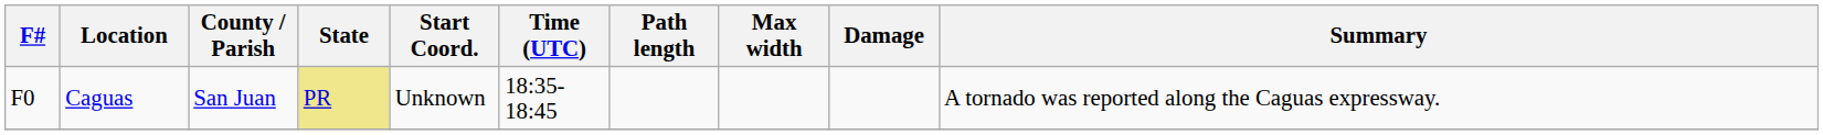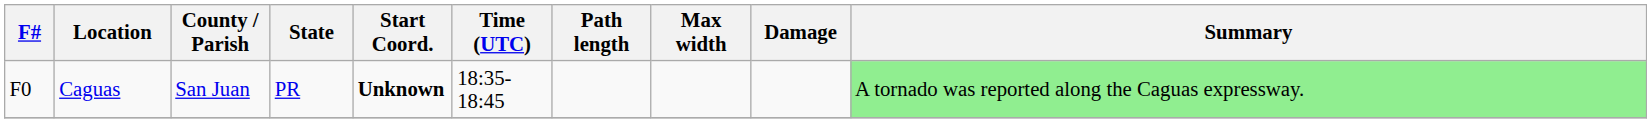 <table class="wikitable sortable" style="width:100%;">
 <tr>
 <th scope="col"  style="width:3%; text-align:center;"><a href='#'>F#</a></th>
 <th scope="col"  style="width:7%; text-align:center;" class="unsortable">Location</th>
 <th scope="col"  style="width:6%; text-align:center;" class="unsortable">County / Parish</th>
 <th scope="col"  style="width:5%; text-align:center;">State</th>
 <th scope="col"  style="width:6%; text-align:center;">Start Coord.</th>
 <th scope="col"  style="width:6%; text-align:center;">Time (<a href='#'>UTC</a>)</th>
 <th scope="col"  style="width:6%; text-align:center;">Path length</th>
 <th scope="col"  style="width:6%; text-align:center;">Max width</th>
 <th scope="col"  style="width:6%; text-align:center;">Damage</th>
 <th scope="col" class="unsortable" style="width:48%; text-align:center;">Summary</th>
 </tr>
 <tr>
 <td>F0</td>
 <td><a href='#'>Caguas</a></td>
 <td><a href='#'>San Juan</a></td>
-<td style="background: khaki;"><a href='#'>PR</a></td>
-<td>Unknown</td>
+<td><a href='#'>PR</a></td>
+<td><strong>Unknown</strong></td>
 <td>18:35-18:45</td>
 <td></td>
 <td></td>
 <td></td>
-<td>A tornado was reported along the Caguas expressway.</td>
+<td style="background: lightgreen;">A tornado was reported along the Caguas expressway.</td>
 </tr>
 <tr>
 </tr>
 </table>
